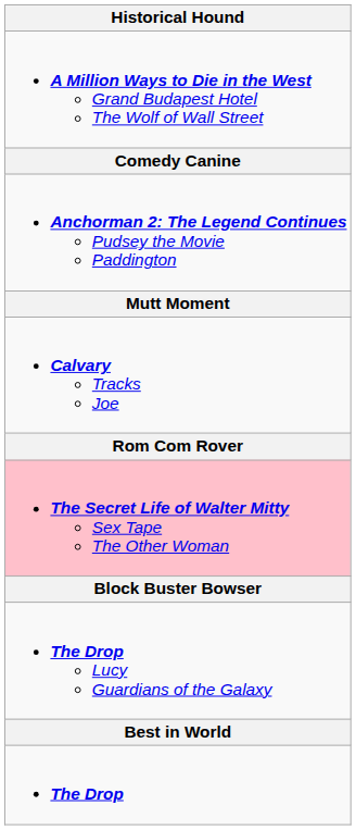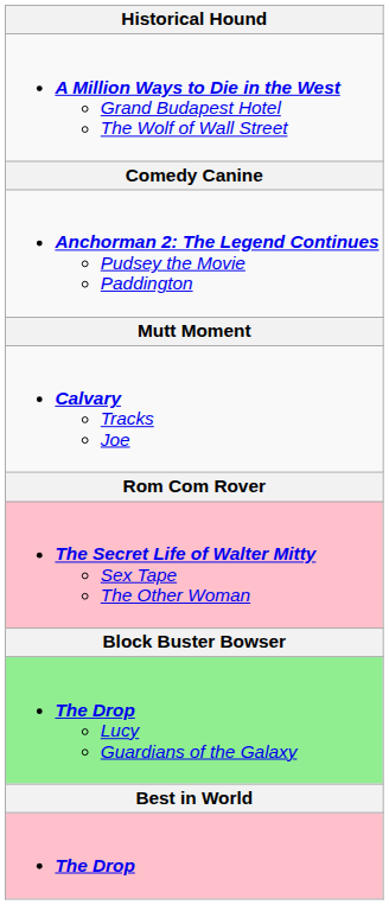 <table class="wikitable">
 <tr>
 <th><strong>Historical Hound</strong></th>
 </tr>
 <tr>
 <td><br><ul><li><strong><em><a href='#'>A Million Ways to Die in the West</a></em></strong><ul><li><a href='#'><em>Grand Budapest Hotel</em></a></li><li><a href='#'><em>The Wolf of Wall Street</em></a></li></ul></li></ul></td>
 </tr>
 <tr>
 <th>Comedy Canine</th>
 </tr>
 <tr>
 <td><br><ul><li><strong><em><a href='#'>Anchorman 2: The Legend Continues</a></em></strong><ul><li><a href='#'><em>Pudsey the Movie</em></a></li><li><a href='#'><em>Paddington</em></a></li></ul></li></ul></td>
 </tr>
 <tr>
 <th>Mutt Moment</th>
 </tr>
 <tr>
 <td><br><ul><li><strong><a href='#'><em>Calvary</em></a></strong><ul><li><a href='#'><em>Tracks</em></a></li><li><a href='#'><em>Joe</em></a></li></ul></li></ul></td>
 </tr>
 <tr>
 <th>Rom Com Rover</th>
 </tr>
 <tr>
 <td style="background: pink;"><br><ul><li><strong><a href='#'><em>The Secret Life of Walter Mitty</em></a></strong><ul><li><a href='#'><em>Sex Tape</em></a></li><li><a href='#'><em>The Other Woman</em></a></li></ul></li></ul></td>
 </tr>
 <tr>
 <th>Block Buster Bowser</th>
 </tr>
 <tr>
-<td><br><ul><li><strong><a href='#'><em>The Drop</em></a></strong><ul><li><a href='#'><em>Lucy</em></a></li><li><a href='#'><em>Guardians of the Galaxy</em></a></li></ul></li></ul></td>
+<td style="background: lightgreen;"><br><ul><li><strong><a href='#'><em>The Drop</em></a></strong><ul><li><a href='#'><em>Lucy</em></a></li><li><a href='#'><em>Guardians of the Galaxy</em></a></li></ul></li></ul></td>
 </tr>
 <tr>
 <th>Best in World</th>
 </tr>
 <tr>
-<td><br><ul><li><strong><a href='#'><em>The Drop</em></a></strong></li></ul></td>
+<td style="background: pink;"><br><ul><li><strong><a href='#'><em>The Drop</em></a></strong></li></ul></td>
 </tr>
 </table>
